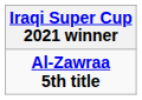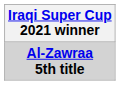 <table class="wikitable" style="text-align: center; margin: 0 auto;">
 <tr>
 <th><a href='#'>Iraqi Super Cup</a><br>2021 winner</th>
 </tr>
 <tr>
-<td><strong><a href='#'>Al-Zawraa</a></strong><br><strong>5th title</strong></td>
+<td style="background: lightgrey;"><strong><a href='#'>Al-Zawraa</a></strong><br><strong>5th title</strong></td>
 </tr>
 </table>
